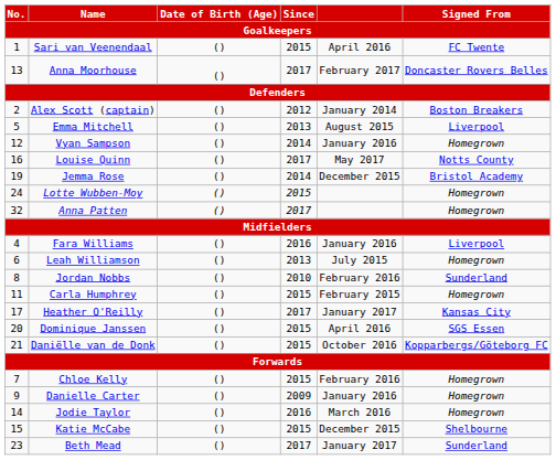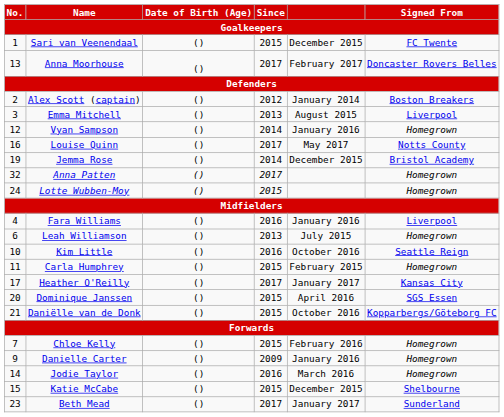 <table class="wikitable" style="text-align:center; font-size:100%; ">
 <tr>
 <th style="background:#d50000; color:white; text-align:center;">No.</th>
 <th style="background:#d50000; color:white; text-align:center;">Name</th>
 <th style="background:#d50000; color:white; text-align:center;">Date of Birth (Age)</th>
 <th style="background:#d50000; color:white; text-align:center;">Since</th>
 <th style="background:#d50000; color:white; text-align:center;"></th>
 <th style="background:#d50000; color:white; text-align:center;">Signed From</th>
 </tr>
 <tr>
 <th colspan="6" style="background:#d50000; color:white; text-align:center">Goalkeepers</th>
 </tr>
 <tr>
 <td>1</td>
 <td> <a href='#'>Sari van Veenendaal</a></td>
 <td> ()</td>
 <td>2015</td>
-<td>April 2016</td>
+<td>December 2015</td>
 <td> <a href='#'>FC Twente</a></td>
 </tr>
 <tr>
 <td>13</td>
 <td> <a href='#'>Anna Moorhouse</a></td>
 <td><br>()</td>
 <td>2017</td>
 <td>February 2017</td>
 <td> <a href='#'>Doncaster Rovers Belles</a></td>
 </tr>
 <tr>
 <th colspan="6" style="background:#d50000; color:white; text-align:center">Defenders</th>
 </tr>
 <tr>
 <td>2</td>
 <td> <a href='#'>Alex Scott</a> (<a href='#'>captain</a>)</td>
 <td> ()</td>
 <td>2012</td>
 <td>January 2014</td>
 <td> <a href='#'>Boston Breakers</a></td>
 </tr>
 <tr>
-<td>5</td>
+<td>3</td>
 <td> <a href='#'>Emma Mitchell</a></td>
 <td> ()</td>
 <td>2013</td>
 <td>August 2015</td>
 <td> <a href='#'>Liverpool</a></td>
 </tr>
 <tr>
 <td>12</td>
 <td> <a href='#'>Vyan Sampson</a></td>
 <td> ()</td>
 <td>2014</td>
 <td>January 2016</td>
 <td><em>Homegrown</em></td>
 </tr>
 <tr>
 <td>16</td>
 <td> <a href='#'>Louise Quinn</a></td>
 <td> ()</td>
 <td>2017</td>
 <td>May 2017</td>
 <td> <a href='#'>Notts County</a></td>
 </tr>
 <tr>
 <td>19</td>
 <td> <a href='#'>Jemma Rose</a></td>
 <td> ()</td>
 <td>2014</td>
 <td>December 2015</td>
 <td> <a href='#'>Bristol Academy</a></td>
 </tr>
 <tr>
+<td>32</td>
+<td><em> <a href='#'>Anna Patten</a></em></td>
+<td><em> ()</em></td>
+<td><em>2017</em></td>
+<td></td>
+<td><em>Homegrown</em></td>
+</tr>
+<tr>
 <td>24</td>
 <td><em> <a href='#'>Lotte Wubben-Moy</a></em></td>
 <td><em> ()</em></td>
 <td><em>2015</em></td>
-<td></td>
-<td><em>Homegrown</em></td>
-</tr>
-<tr>
-<td>32</td>
-<td><em> <a href='#'>Anna Patten</a></em></td>
-<td><em> ()</em></td>
-<td><em>2017</em></td>
 <td></td>
 <td><em>Homegrown</em></td>
 </tr>
 <tr>
 <th colspan="6" style="background:#d50000; color:white; text-align:center">Midfielders</th>
 </tr>
 <tr>
 <td>4</td>
 <td> <a href='#'>Fara Williams</a></td>
 <td> ()</td>
 <td>2016</td>
 <td>January 2016</td>
 <td> <a href='#'>Liverpool</a></td>
 </tr>
 <tr>
 <td>6</td>
 <td> <a href='#'>Leah Williamson</a></td>
 <td> ()</td>
 <td>2013</td>
 <td>July 2015</td>
 <td><em>Homegrown</em></td>
 </tr>
 <tr>
-<td>8</td>
-<td> <a href='#'>Jordan Nobbs</a></td>
+<td>10</td>
+<td> <a href='#'>Kim Little</a></td>
 <td> ()</td>
-<td>2010</td>
-<td>February 2016</td>
-<td> <a href='#'>Sunderland</a></td>
+<td>2016</td>
+<td>October 2016</td>
+<td> <a href='#'>Seattle Reign</a></td>
 </tr>
 <tr>
 <td>11</td>
 <td> <a href='#'>Carla Humphrey</a></td>
 <td> ()</td>
 <td>2015</td>
 <td>February 2015</td>
 <td><em>Homegrown</em></td>
 </tr>
 <tr>
 <td>17</td>
 <td> <a href='#'>Heather O'Reilly</a></td>
 <td> ()</td>
 <td>2017</td>
 <td>January 2017</td>
 <td> <a href='#'>Kansas City</a></td>
 </tr>
 <tr>
 <td>20</td>
 <td> <a href='#'>Dominique Janssen</a></td>
 <td> ()</td>
 <td>2015</td>
 <td>April 2016</td>
 <td> <a href='#'>SGS Essen</a></td>
 </tr>
 <tr>
 <td>21</td>
 <td> <a href='#'>Daniëlle van de Donk</a></td>
 <td> ()</td>
 <td>2015</td>
 <td>October 2016</td>
 <td> <a href='#'>Kopparbergs/Göteborg FC</a></td>
 </tr>
 <tr>
 <th colspan="6" style="background:#d50000; color:white; text-align:center">Forwards</th>
 </tr>
 <tr>
 <td>7</td>
 <td> <a href='#'>Chloe Kelly</a></td>
 <td> ()</td>
 <td>2015</td>
 <td>February 2016</td>
 <td><em>Homegrown</em></td>
 </tr>
 <tr>
 <td>9</td>
 <td> <a href='#'>Danielle Carter</a></td>
 <td> ()</td>
 <td>2009</td>
 <td>January 2016</td>
 <td><em>Homegrown</em></td>
 </tr>
 <tr>
 <td>14</td>
 <td> <a href='#'>Jodie Taylor</a></td>
 <td>()</td>
 <td>2016</td>
 <td>March 2016</td>
 <td><em>Homegrown</em></td>
 </tr>
 <tr>
 <td>15</td>
 <td> <a href='#'>Katie McCabe</a></td>
 <td> ()</td>
 <td>2015</td>
 <td>December 2015</td>
 <td> <a href='#'>Shelbourne</a></td>
 </tr>
 <tr>
 <td>23</td>
 <td> <a href='#'>Beth Mead</a></td>
 <td> ()</td>
 <td>2017</td>
 <td>January 2017</td>
 <td> <a href='#'>Sunderland</a></td>
 </tr>
 </table>
